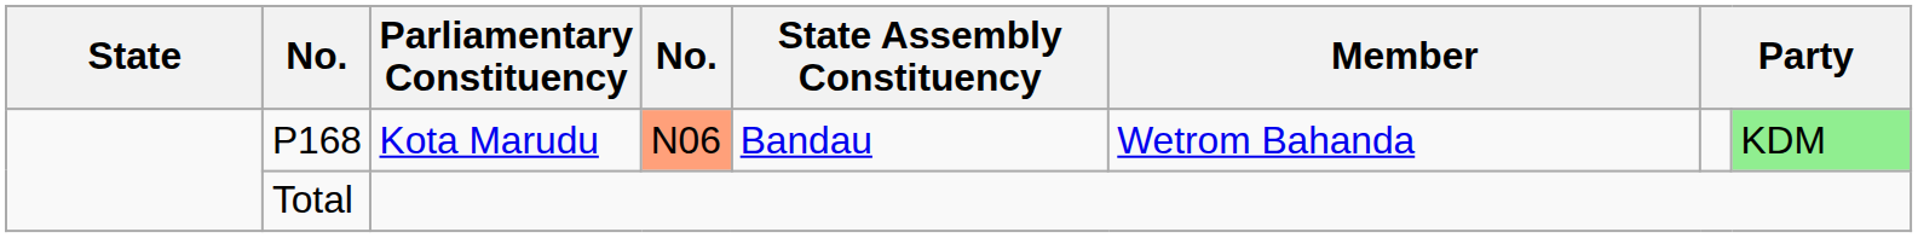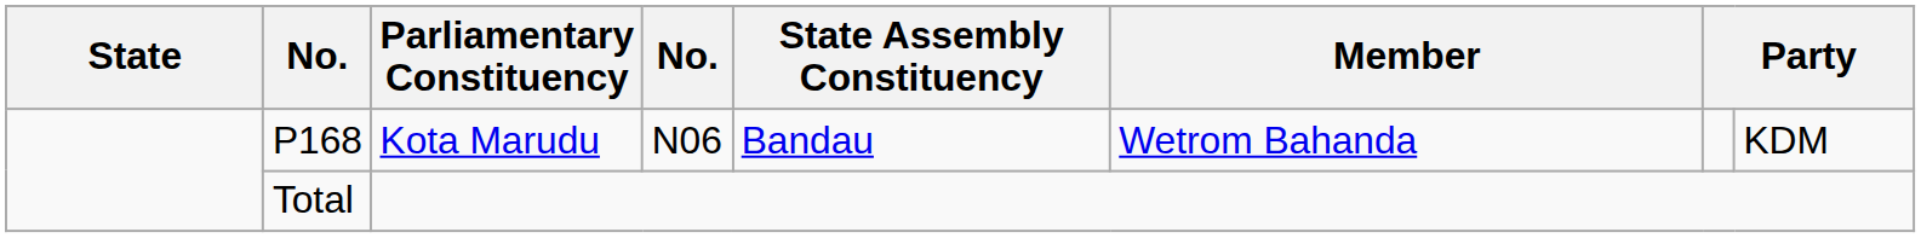 <table class="wikitable sortable">
 <tr>
 <th style="width:100px;">State</th>
 <th>No.</th>
 <th>Parliamentary<br>Constituency</th>
 <th style="width:30px;">No.</th>
 <th style="width:150px;">State Assembly Constituency</th>
 <th style="width:240px;">Member</th>
 <th colspan="2" style="width:80px;">Party</th>
 </tr>
 <tr>
 <td rowspan="2"></td>
 <td>P168</td>
 <td><a href='#'>Kota Marudu</a></td>
-<td style="background: lightsalmon;">N06</td>
+<td>N06</td>
 <td><a href='#'>Bandau</a></td>
 <td><a href='#'>Wetrom Bahanda</a></td>
 <td></td>
-<td style="background: lightgreen;">KDM</td>
+<td>KDM</td>
 </tr>
 <tr>
 <td>Total</td>
 <td colspan="7" style="width:30px;"></td>
 </tr>
 </table>
